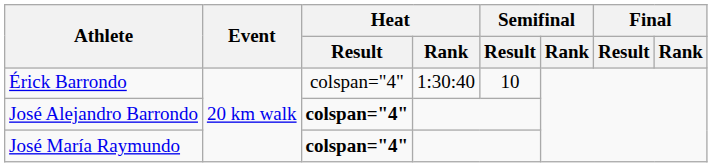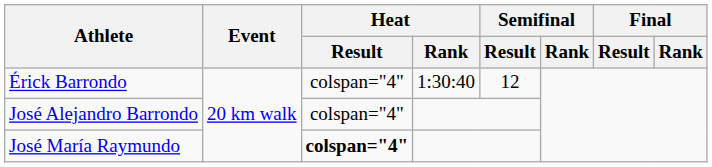 <table class="wikitable" style="font-size:90%">
 <tr>
 <th rowspan="2">Athlete</th>
 <th rowspan="2">Event</th>
 <th colspan="2">Heat</th>
 <th colspan="2">Semifinal</th>
 <th colspan="2">Final</th>
 </tr>
 <tr>
 <th>Result</th>
 <th>Rank</th>
 <th>Result</th>
 <th>Rank</th>
 <th>Result</th>
 <th>Rank</th>
 </tr>
 <tr style=text-align:center>
 <td style=text-align:left><a href='#'>Érick Barrondo</a></td>
 <td style=text-align:left rowspan="3"><a href='#'>20 km walk</a></td>
 <td>colspan="4" </td>
 <td>1:30:40</td>
-<td>10</td>
+<td>12</td>
 </tr>
 <tr style=text-align:center>
 <td style=text-align:left><a href='#'>José Alejandro Barrondo</a></td>
-<td><strong>colspan="4" </strong></td>
+<td>colspan="4" </td>
 <td colspan="2"></td>
 </tr>
 <tr style=text-align:center>
 <td style=text-align:left><a href='#'>José María Raymundo</a></td>
 <td><strong>colspan="4" </strong></td>
 <td colspan="2"></td>
 </tr>
 </table>
